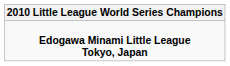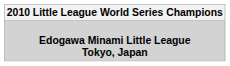 <table class="wikitable" style="text-align: center; margin: 0 auto;">
 <tr>
 <th>2010 Little League World Series Champions</th>
 </tr>
 <tr>
-<td><br><strong>Edogawa Minami Little League</strong><br><strong> Tokyo, Japan</strong></td>
+<td style="background: lightgrey;"><br><strong>Edogawa Minami Little League</strong><br><strong> Tokyo, Japan</strong></td>
 </tr>
 </table>
